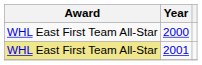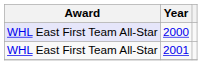 <table class="wikitable">
 <tr>
 <th>Award</th>
 <th>Year</th>
 <th></th>
 </tr>
 <tr>
-<td><a href='#'>WHL</a> East First Team All-Star</td>
+<td style="background: lavender;"><a href='#'>WHL</a> East First Team All-Star</td>
 <td><a href='#'>2000</a></td>
 <td></td>
 </tr>
 <tr>
-<td style="background: khaki;"><a href='#'>WHL</a> East First Team All-Star</td>
+<td><a href='#'>WHL</a> East First Team All-Star</td>
 <td><a href='#'>2001</a></td>
 <td></td>
 </tr>
 <tr>
 </tr>
 </table>
